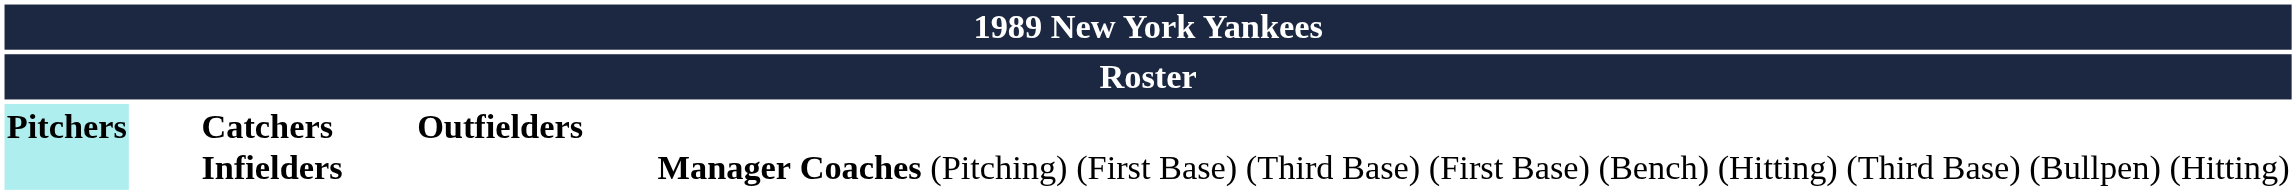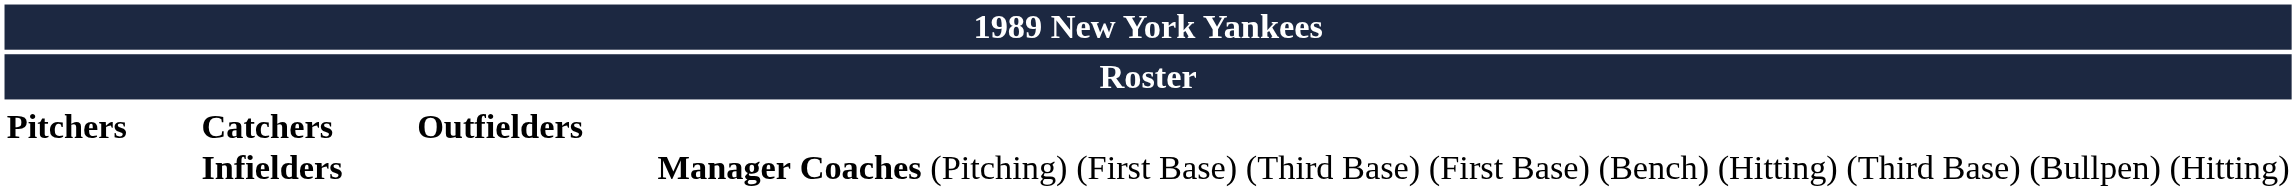 <table class="toccolours" style="font-size: 95%;">
 <tr>
 <th colspan="10" style="background-color: #1c2841; color: white; text-align: center;">1989 New York Yankees</th>
 </tr>
 <tr>
 <td colspan="10" style="background-color:#1c2841; color: white; text-align: center;"><strong>Roster</strong></td>
 </tr>
 <tr>
-<td valign="top" style="background: paleturquoise;"><strong>Pitchers</strong><br>                     </td>
+<td valign="top"><strong>Pitchers</strong><br>                     </td>
 <td width="25px"></td>
 <td valign="top"><strong>Catchers</strong><br>    <strong>Infielders</strong>            </td>
 <td width="25px"></td>
 <td valign="top"><strong>Outfielders</strong><br>          </td>
 <td width="25px"></td>
 <td valign="top"><br><strong>Manager</strong>   <strong>Coaches</strong>  (Pitching)  (First Base)  (Third Base)  (First Base)  (Bench)  (Hitting)  (Third Base)  (Bullpen)  (Hitting)</td>
 </tr>
 </table>
